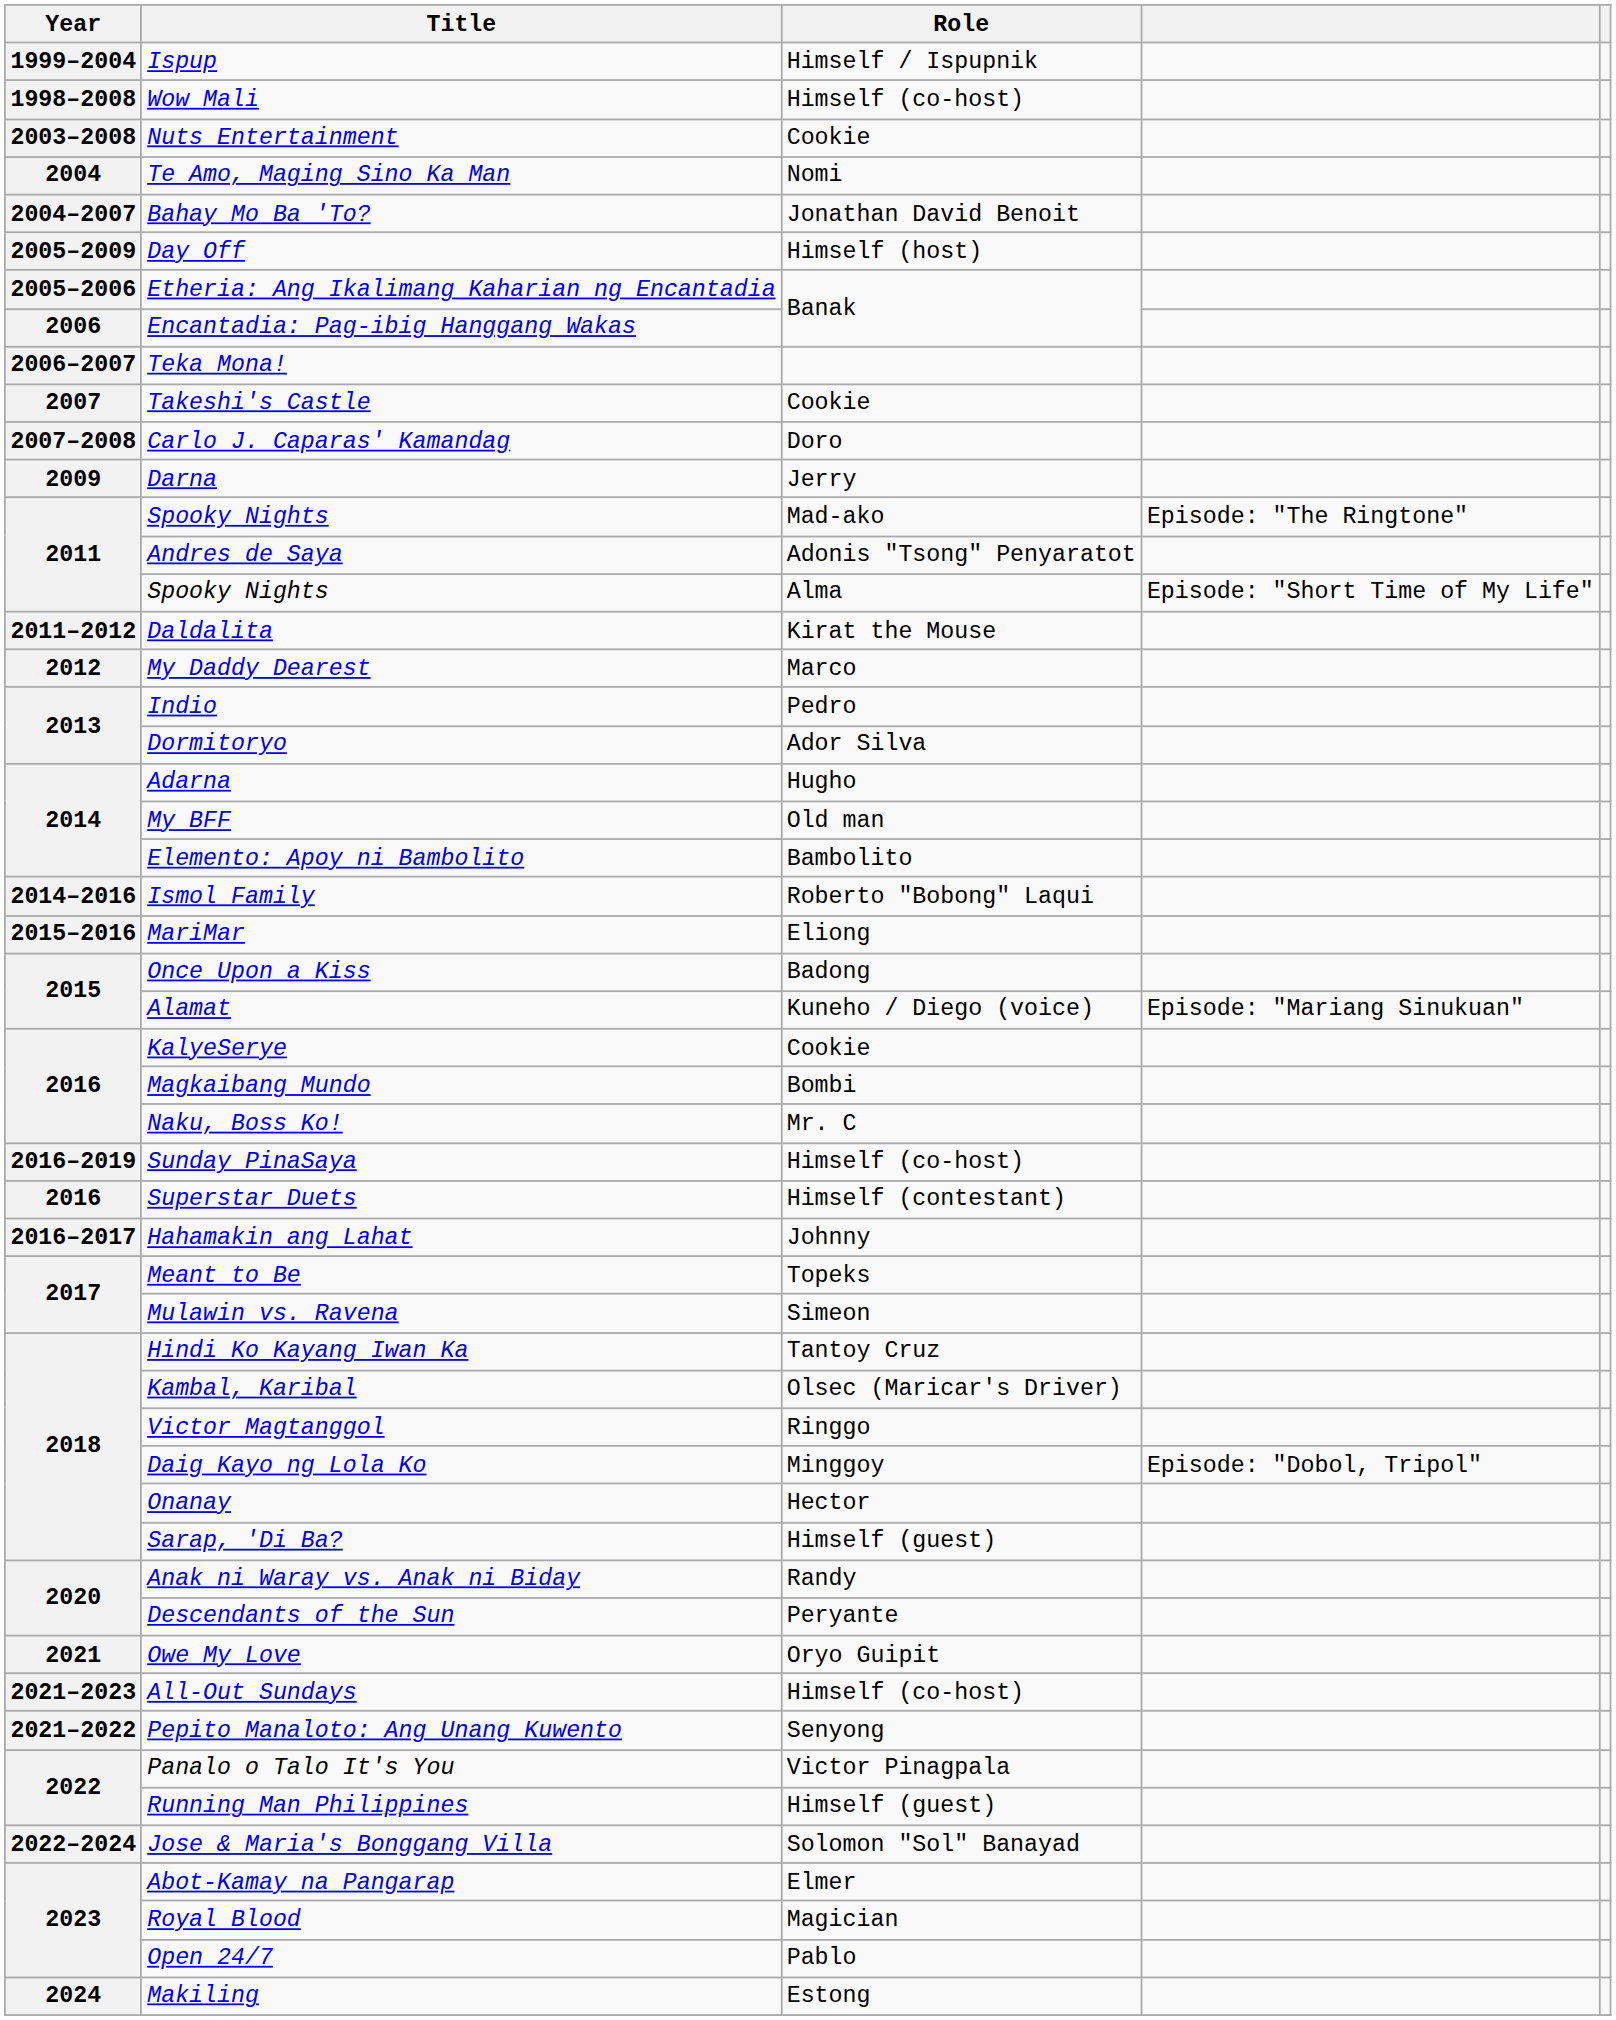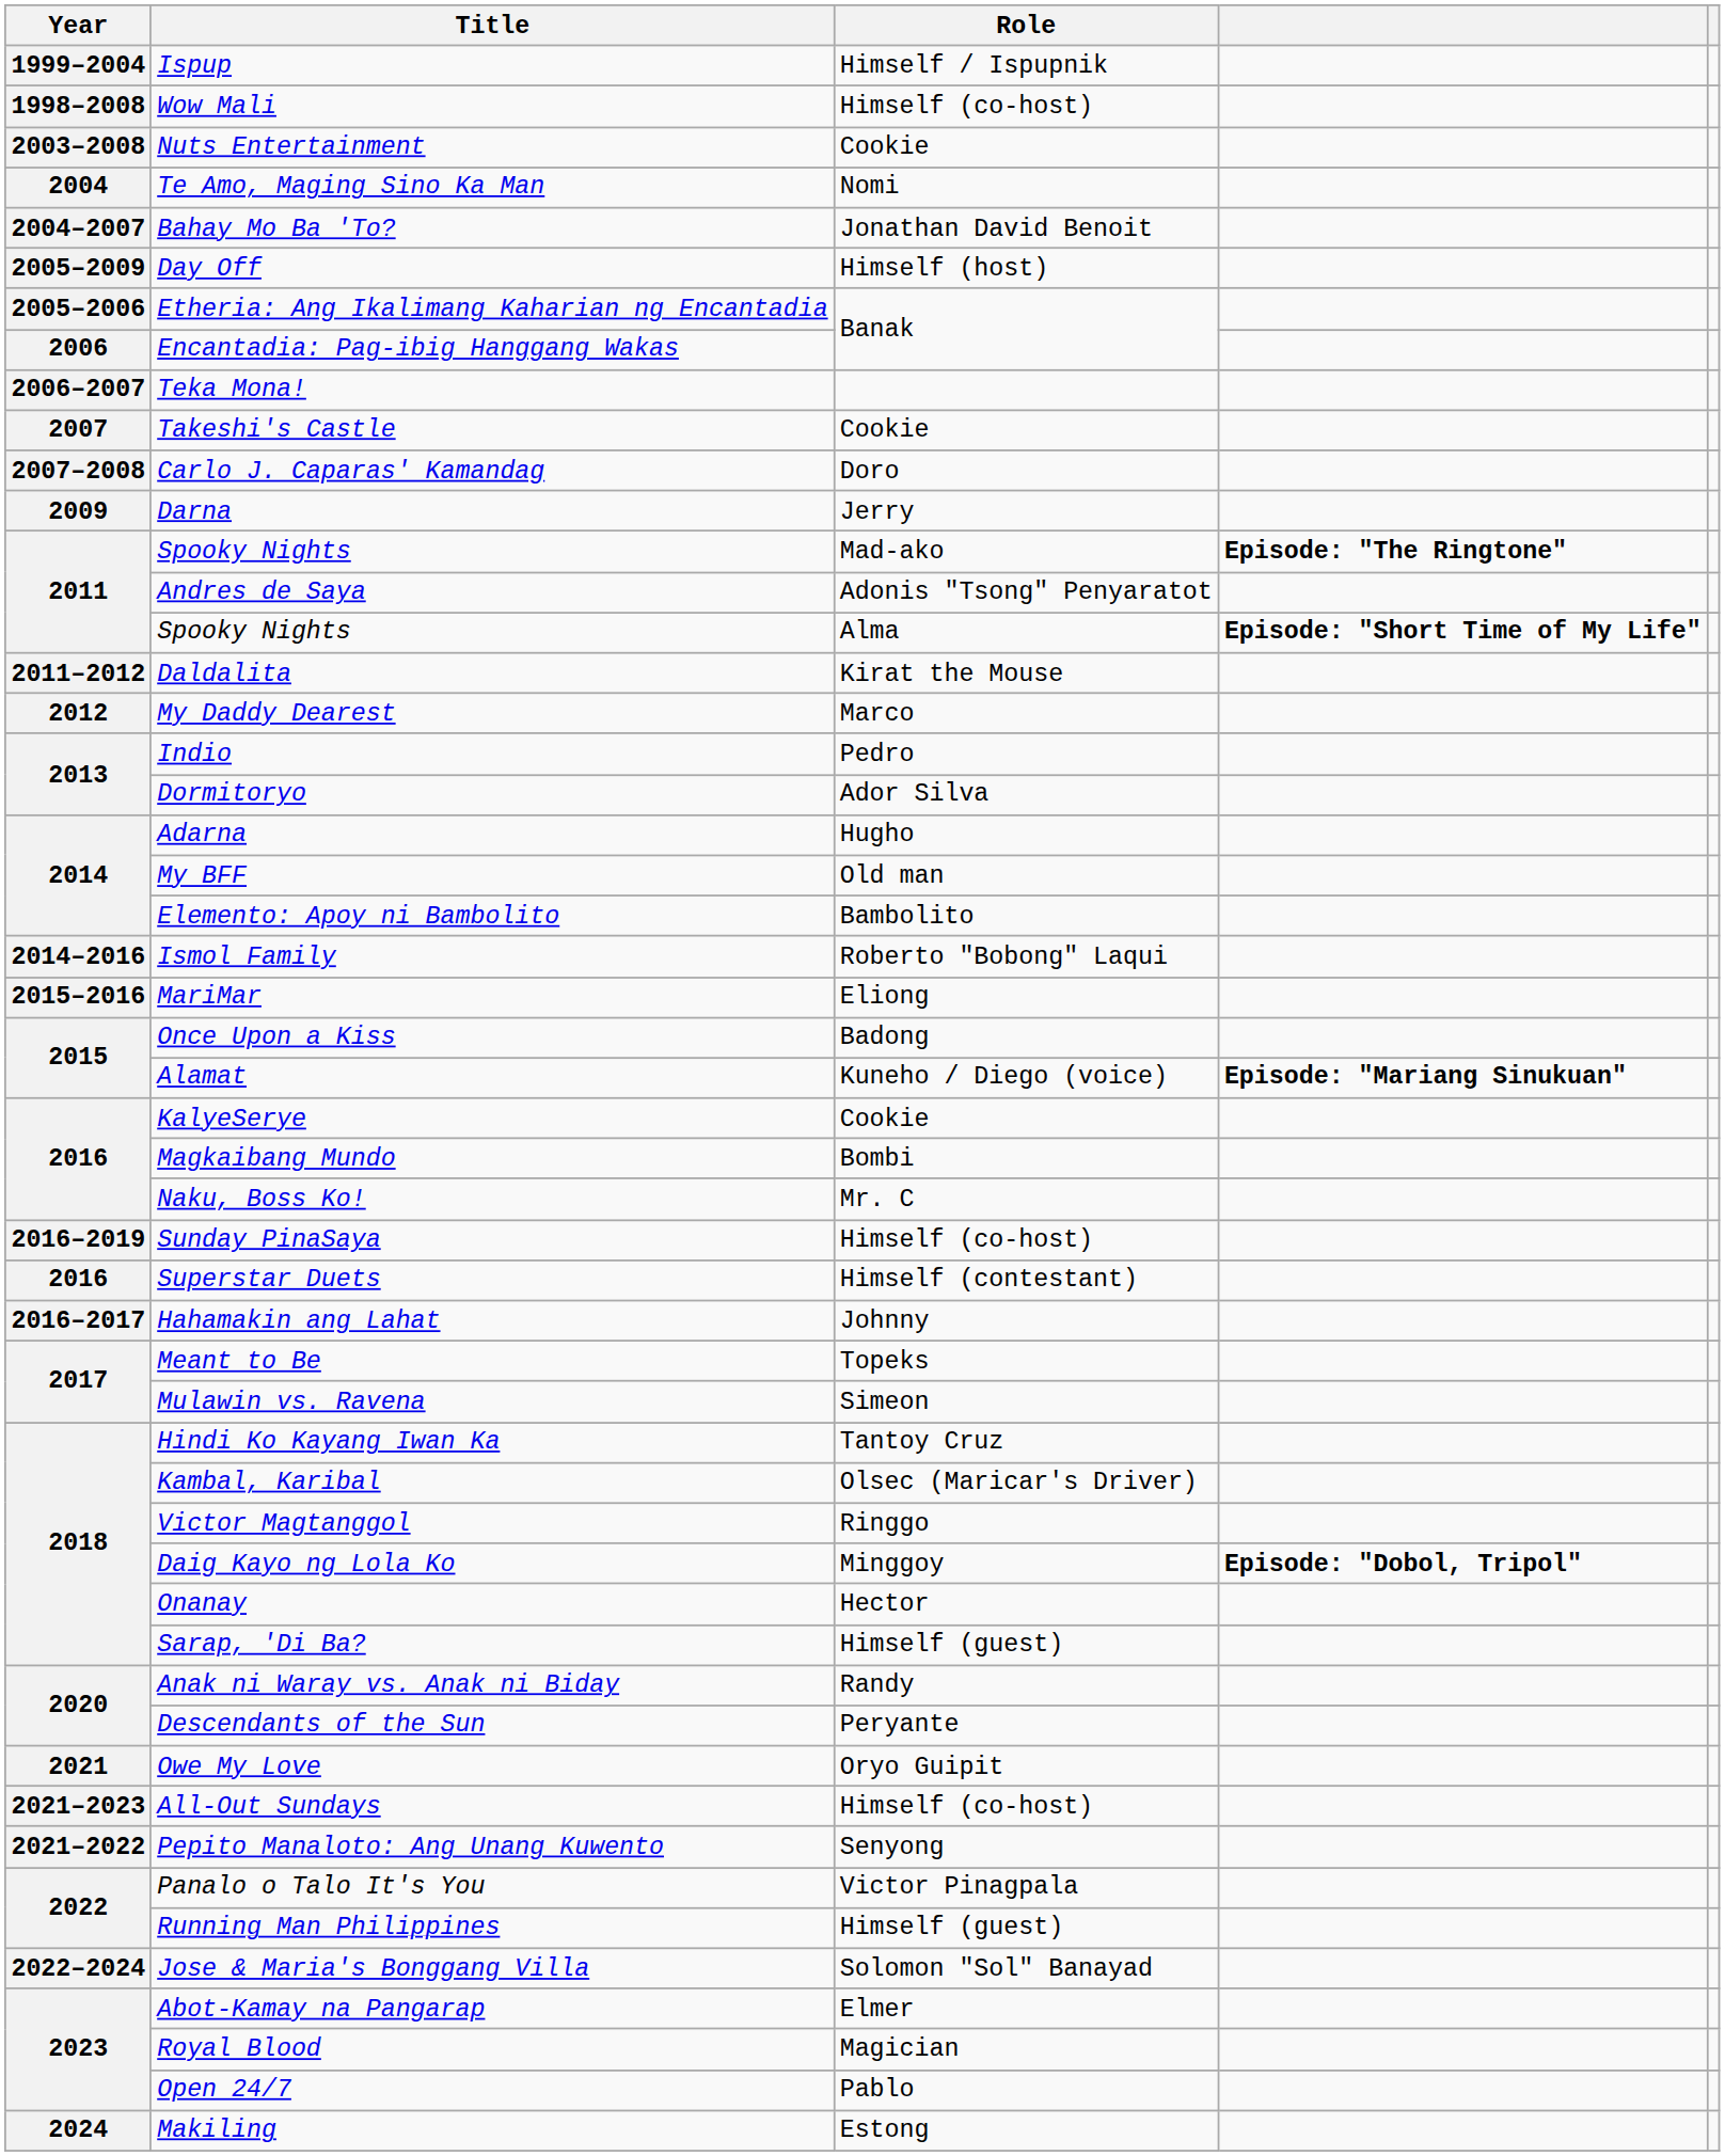 <table class="wikitable plainrowheaders sortable">
 <tr>
 <th scope="col">Year</th>
 <th scope="col">Title</th>
 <th scope="col">Role</th>
 <th></th>
 <th scope="col" class="unsortable"></th>
 </tr>
 <tr>
 <th scope="row">1999–2004</th>
 <td><em><a href='#'>Ispup</a></em></td>
 <td>Himself / Ispupnik</td>
 <td></td>
 <td></td>
 </tr>
 <tr>
 <th scope="row">1998–2008</th>
 <td><em><a href='#'>Wow Mali</a></em></td>
 <td>Himself (co-host)</td>
 <td></td>
 <td></td>
 </tr>
 <tr>
 <th scope="row">2003–2008</th>
 <td><em><a href='#'>Nuts Entertainment</a></em></td>
 <td>Cookie</td>
 <td></td>
 <td></td>
 </tr>
 <tr>
 <th scope="row">2004</th>
 <td><em><a href='#'>Te Amo, Maging Sino Ka Man</a></em></td>
 <td>Nomi</td>
 <td></td>
 <td></td>
 </tr>
 <tr>
 <th scope="row">2004–2007</th>
 <td><em><a href='#'>Bahay Mo Ba 'To?</a></em></td>
 <td>Jonathan David Benoit</td>
 <td></td>
 <td></td>
 </tr>
 <tr>
 <th scope="row">2005–2009</th>
 <td><em><a href='#'>Day Off</a></em></td>
 <td>Himself (host)</td>
 <td></td>
 <td></td>
 </tr>
 <tr>
 <th scope="row">2005–2006</th>
 <td><em><a href='#'>Etheria: Ang Ikalimang Kaharian ng Encantadia</a></em></td>
 <td rowspan="2">Banak</td>
 <td></td>
 <td></td>
 </tr>
 <tr>
 <th scope="row">2006</th>
 <td><em><a href='#'>Encantadia: Pag-ibig Hanggang Wakas</a></em></td>
 <td></td>
 <td></td>
 </tr>
 <tr>
 <th scope="row">2006–2007</th>
 <td><em><a href='#'>Teka Mona!</a></em></td>
 <td></td>
 <td></td>
 <td></td>
 </tr>
 <tr>
 <th scope="row">2007</th>
 <td><em><a href='#'>Takeshi's Castle</a></em></td>
 <td>Cookie</td>
 <td></td>
 <td></td>
 </tr>
 <tr>
 <th scope="row">2007–2008</th>
 <td><em><a href='#'>Carlo J. Caparas' Kamandag</a></em></td>
 <td>Doro</td>
 <td></td>
 <td></td>
 </tr>
 <tr>
 <th scope="row">2009</th>
 <td><em><a href='#'>Darna</a></em></td>
 <td>Jerry</td>
 <td></td>
 <td></td>
 </tr>
 <tr>
 <th scope="row" rowspan="3">2011</th>
 <td><em><a href='#'>Spooky Nights</a></em></td>
 <td>Mad-ako</td>
-<td>Episode: "The Ringtone"</td>
+<td><strong>Episode: "The Ringtone"</strong></td>
 <td></td>
 </tr>
 <tr>
 <td><em><a href='#'>Andres de Saya</a></em></td>
 <td>Adonis "Tsong" Penyaratot</td>
 <td></td>
 <td></td>
 </tr>
 <tr>
 <td><em>Spooky Nights</em></td>
 <td>Alma</td>
-<td>Episode: "Short Time of My Life"</td>
+<td><strong>Episode: "Short Time of My Life"</strong></td>
 <td></td>
 </tr>
 <tr>
 <th scope="row">2011–2012</th>
 <td><em><a href='#'>Daldalita</a></em></td>
 <td>Kirat the Mouse</td>
 <td></td>
 <td></td>
 </tr>
 <tr>
 <th scope="row">2012</th>
 <td><em><a href='#'>My Daddy Dearest</a></em></td>
 <td>Marco</td>
 <td></td>
 <td></td>
 </tr>
 <tr>
 <th scope="row" rowspan="2">2013</th>
 <td><em><a href='#'>Indio</a></em></td>
 <td>Pedro</td>
 <td></td>
 <td></td>
 </tr>
 <tr>
 <td><em><a href='#'>Dormitoryo</a></em></td>
 <td>Ador Silva</td>
 <td></td>
 <td></td>
 </tr>
 <tr>
 <th scope="row" rowspan="3">2014</th>
 <td><em><a href='#'>Adarna</a></em></td>
 <td>Hugho</td>
 <td></td>
 <td></td>
 </tr>
 <tr>
 <td><em><a href='#'>My BFF</a></em></td>
 <td>Old man</td>
 <td></td>
 <td></td>
 </tr>
 <tr>
 <td><em><a href='#'>Elemento: Apoy ni Bambolito</a></em></td>
 <td>Bambolito</td>
 <td></td>
 <td></td>
 </tr>
 <tr>
 <th scope="row">2014–2016</th>
 <td><em><a href='#'>Ismol Family</a></em></td>
 <td>Roberto "Bobong" Laqui</td>
 <td></td>
 <td></td>
 </tr>
 <tr>
 <th scope="row">2015–2016</th>
 <td><em><a href='#'>MariMar</a></em></td>
 <td>Eliong</td>
 <td></td>
 <td></td>
 </tr>
 <tr>
 <th scope="row" rowspan="2">2015</th>
 <td><em><a href='#'>Once Upon a Kiss</a></em></td>
 <td>Badong</td>
 <td></td>
 <td></td>
 </tr>
 <tr>
 <td><em><a href='#'>Alamat</a></em></td>
 <td>Kuneho / Diego (voice)</td>
-<td>Episode: "Mariang Sinukuan"</td>
+<td><strong>Episode: "Mariang Sinukuan"</strong></td>
 <td></td>
 </tr>
 <tr>
 <th scope="row" rowspan="3">2016</th>
 <td><em><a href='#'>KalyeSerye</a></em></td>
 <td>Cookie</td>
 <td></td>
 <td></td>
 </tr>
 <tr>
 <td><em><a href='#'>Magkaibang Mundo</a></em></td>
 <td>Bombi</td>
 <td></td>
 <td></td>
 </tr>
 <tr>
 <td><em><a href='#'>Naku, Boss Ko!</a></em></td>
 <td>Mr. C</td>
 <td></td>
 <td></td>
 </tr>
 <tr>
 <th scope="row">2016–2019</th>
 <td><em><a href='#'>Sunday PinaSaya</a></em></td>
 <td>Himself (co-host)</td>
 <td></td>
 <td></td>
 </tr>
 <tr>
 <th scope="row">2016</th>
 <td><em><a href='#'>Superstar Duets</a></em></td>
 <td>Himself (contestant)</td>
 <td></td>
 <td></td>
 </tr>
 <tr>
 <th scope="row">2016–2017</th>
 <td><em><a href='#'>Hahamakin ang Lahat</a></em></td>
 <td>Johnny</td>
 <td></td>
 <td></td>
 </tr>
 <tr>
 <th scope="row" rowspan="2">2017</th>
 <td><em><a href='#'>Meant to Be</a></em></td>
 <td>Topeks</td>
 <td></td>
 <td></td>
 </tr>
 <tr>
 <td><em><a href='#'>Mulawin vs. Ravena</a></em></td>
 <td>Simeon</td>
 <td></td>
 <td></td>
 </tr>
 <tr>
 <th scope="row" rowspan="6">2018</th>
 <td><em><a href='#'>Hindi Ko Kayang Iwan Ka</a></em></td>
 <td>Tantoy Cruz</td>
 <td></td>
 <td></td>
 </tr>
 <tr>
 <td><em><a href='#'>Kambal, Karibal</a></em></td>
 <td>Olsec (Maricar's Driver)</td>
 <td></td>
 <td></td>
 </tr>
 <tr>
 <td><em><a href='#'>Victor Magtanggol</a></em></td>
 <td>Ringgo</td>
 <td></td>
 <td></td>
 </tr>
 <tr>
 <td><em><a href='#'>Daig Kayo ng Lola Ko</a></em></td>
 <td>Minggoy</td>
-<td>Episode: "Dobol, Tripol"</td>
+<td><strong>Episode: "Dobol, Tripol"</strong></td>
 <td></td>
 </tr>
 <tr>
 <td><em><a href='#'>Onanay</a></em></td>
 <td>Hector</td>
 <td></td>
 <td></td>
 </tr>
 <tr>
 <td><em><a href='#'>Sarap, 'Di Ba?</a></em></td>
 <td>Himself (guest)</td>
 <td></td>
 <td></td>
 </tr>
 <tr>
 <th scope="row" rowspan="2">2020</th>
 <td><em><a href='#'>Anak ni Waray vs. Anak ni Biday</a></em></td>
 <td>Randy</td>
 <td></td>
 <td></td>
 </tr>
 <tr>
 <td><em><a href='#'>Descendants of the Sun</a></em></td>
 <td>Peryante</td>
 <td></td>
 <td></td>
 </tr>
 <tr>
 <th scope="row">2021</th>
 <td><em><a href='#'>Owe My Love</a></em></td>
 <td>Oryo Guipit</td>
 <td></td>
 <td></td>
 </tr>
 <tr>
 <th scope="row">2021–2023</th>
 <td><em><a href='#'>All-Out Sundays</a></em></td>
 <td>Himself (co-host)</td>
 <td></td>
 <td></td>
 </tr>
 <tr>
 <th scope="row">2021–2022</th>
 <td><em><a href='#'>Pepito Manaloto: Ang Unang Kuwento</a></em></td>
 <td>Senyong</td>
 <td></td>
 <td></td>
 </tr>
 <tr>
 <th scope="row" rowspan="2">2022</th>
 <td><em>Panalo o Talo It's You</em></td>
 <td>Victor Pinagpala</td>
 <td></td>
 <td></td>
 </tr>
 <tr>
 <td><em><a href='#'>Running Man Philippines</a></em></td>
 <td>Himself (guest)</td>
 <td></td>
 <td></td>
 </tr>
 <tr>
 <th scope="row">2022–2024</th>
 <td><em><a href='#'>Jose & Maria's Bonggang Villa</a></em></td>
 <td>Solomon "Sol" Banayad</td>
 <td></td>
 <td></td>
 </tr>
 <tr>
 <th scope="row" rowspan="3">2023</th>
 <td><em><a href='#'>Abot-Kamay na Pangarap</a></em></td>
 <td>Elmer</td>
 <td></td>
 <td></td>
 </tr>
 <tr>
 <td><em><a href='#'>Royal Blood</a></em></td>
 <td>Magician</td>
 <td></td>
 <td></td>
 </tr>
 <tr>
 <td><a href='#'><em>Open 24/7</em></a></td>
 <td>Pablo</td>
 <td></td>
 <td></td>
 </tr>
 <tr>
 <th scope="row">2024</th>
 <td><a href='#'><em>Makiling</em></a></td>
 <td>Estong</td>
 <td></td>
 <td></td>
 </tr>
 </table>
